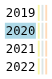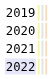 <table>
 <tr>
 <td>2019</td>
 <td style="background-color: #F7F6A8;"></td>
 <td style="background-color: #DCE5E5;"></td>
 <td style="background-color: #FFDAB9;"></td>
 </tr>
 <tr>
-<td style="background: lightblue;">2020</td>
+<td>2020</td>
 <td style="background-color: #F7F6A8;"></td>
 <td style="background-color: #DCE5E5;"></td>
 <td style="background-color: #FFDAB9;"></td>
 </tr>
 <tr>
 <td>2021</td>
 <td style="background-color: #F7F6A8;"></td>
 <td style="background-color: #DCE5E5;"></td>
 <td style="background-color: #FFDAB9;"></td>
 </tr>
 <tr>
-<td>2022</td>
+<td style="background: lavender;">2022</td>
 <td style="background-color: #F7F6A8;"></td>
 <td style="background-color: #DCE5E5;"></td>
 <td style="background-color: #FFDAB9;"></td>
 </tr>
 </table>
